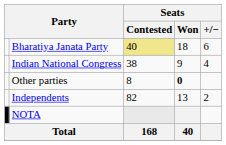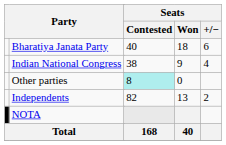 <table class="wikitable">
 <tr>
 <th colspan="4" rowspan="2">Party</th>
 <th colspan="3">Seats</th>
 </tr>
 <tr>
 <th>Contested</th>
 <th>Won</th>
 <th><strong>+/−</strong></th>
 </tr>
 <tr>
 <td></td>
 <td colspan="3"><a href='#'>Bharatiya Janata Party</a></td>
-<td style="background: khaki;">40</td>
+<td>40</td>
 <td>18</td>
 <td>6</td>
 </tr>
 <tr>
 <td></td>
 <td colspan="3"><a href='#'>Indian National Congress</a></td>
 <td>38</td>
 <td>9</td>
 <td>4</td>
 </tr>
 <tr>
 <td></td>
 <td colspan="3">Other parties</td>
-<td>8</td>
-<td><strong>0</strong></td>
+<td style="background: paleturquoise;">8</td>
+<td>0</td>
 <td></td>
 </tr>
 <tr>
 <td></td>
 <td colspan="3"><a href='#'>Independents</a></td>
 <td>82</td>
 <td>13</td>
 <td>2</td>
 </tr>
 <tr>
 <td style="background:Black; color:White"></td>
 <td colspan="3"><a href='#'>NOTA</a></td>
 <th style="background-color:#E9E9E9"></th>
 <th></th>
 <td></td>
 </tr>
 <tr>
 <th colspan="4">Total</th>
 <th>168</th>
 <th>40</th>
 <th></th>
 </tr>
 <tr>
 </tr>
 </table>
